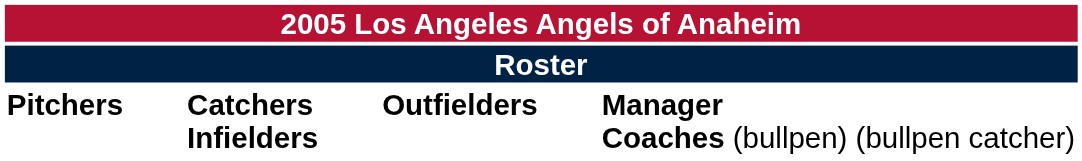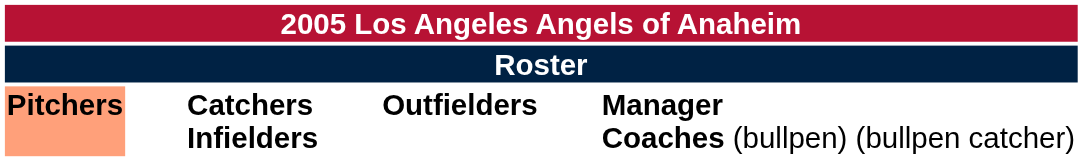 <table class="toccolours" style="font-size: 95%;">
 <tr>
 <th colspan="10" style="background-color: #B71234; color: white; text-align: center;">2005 Los Angeles Angels of Anaheim</th>
 </tr>
 <tr>
 <td colspan="10" style="background-color:#002244; color: white; text-align: center;"><strong>Roster</strong></td>
 </tr>
 <tr>
-<td valign="top"><strong>Pitchers</strong><br>                 </td>
+<td valign="top" style="background: lightsalmon;"><strong>Pitchers</strong><br>                 </td>
 <td width="25px"></td>
 <td valign="top"><strong>Catchers</strong><br>    <strong>Infielders</strong>           </td>
 <td width="25px"></td>
 <td valign="top"><strong>Outfielders</strong><br>      </td>
 <td width="25px"></td>
 <td valign="top"><strong>Manager</strong><br> <strong>Coaches</strong>      (bullpen)   (bullpen catcher)</td>
 </tr>
 </table>
